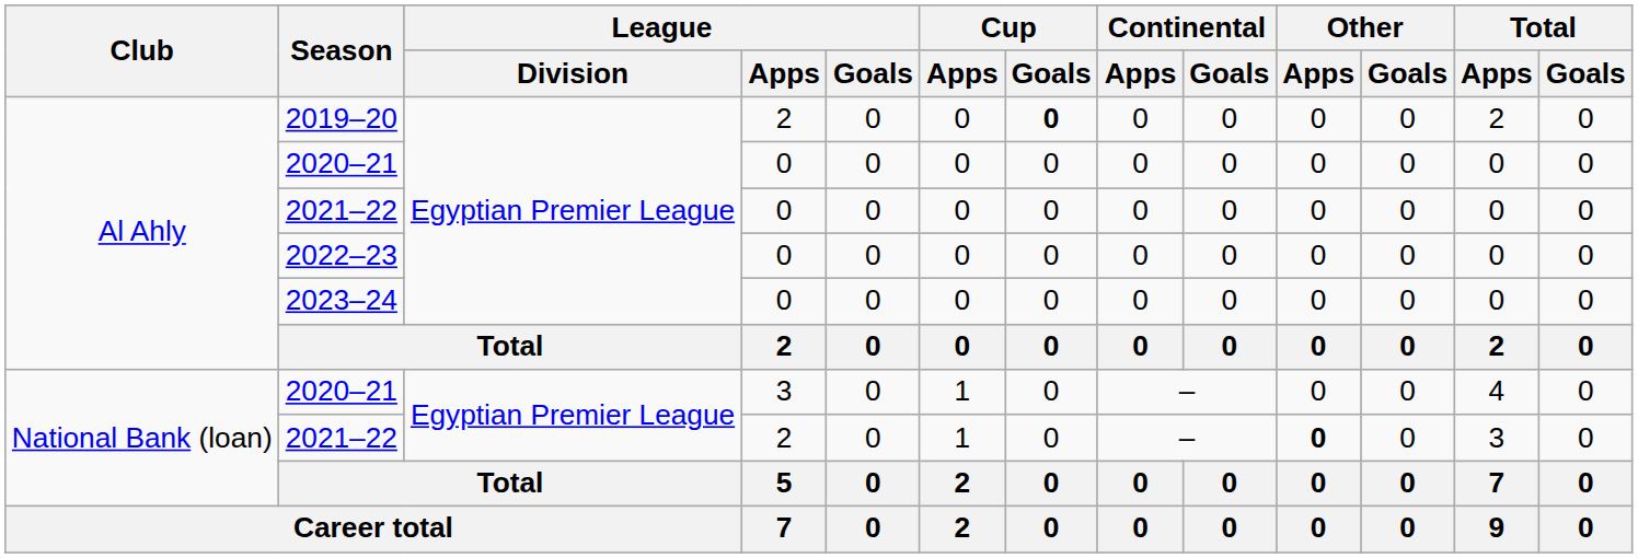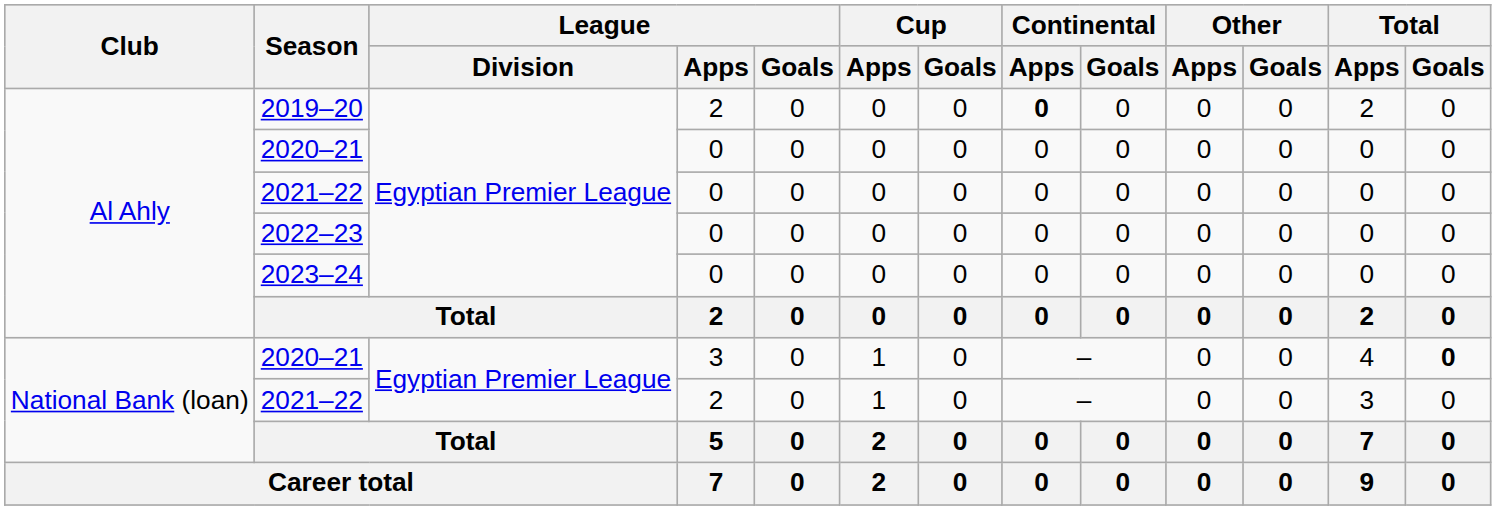 <table class=wikitable style=text-align:center>
 <tr>
 <th rowspan="2">Club</th>
 <th rowspan="2">Season</th>
 <th colspan="3">League</th>
 <th colspan="2">Cup</th>
 <th colspan="2">Continental</th>
 <th colspan="2">Other</th>
 <th colspan="2">Total</th>
 </tr>
 <tr>
 <th>Division</th>
 <th>Apps</th>
 <th>Goals</th>
 <th>Apps</th>
 <th>Goals</th>
 <th>Apps</th>
 <th>Goals</th>
 <th>Apps</th>
 <th>Goals</th>
 <th>Apps</th>
 <th>Goals</th>
 </tr>
 <tr>
 <td rowspan="6"><a href='#'>Al Ahly</a></td>
 <td><a href='#'>2019–20</a></td>
 <td rowspan="5"><a href='#'>Egyptian Premier League</a></td>
 <td>2</td>
 <td>0</td>
 <td>0</td>
+<td>0</td>
 <td><strong>0</strong></td>
-<td>0</td>
 <td>0</td>
 <td>0</td>
 <td>0</td>
 <td>2</td>
 <td>0</td>
 </tr>
 <tr>
 <td><a href='#'>2020–21</a></td>
 <td>0</td>
 <td>0</td>
 <td>0</td>
 <td>0</td>
 <td>0</td>
 <td>0</td>
 <td>0</td>
 <td>0</td>
 <td>0</td>
 <td>0</td>
 </tr>
 <tr>
 <td><a href='#'>2021–22</a></td>
 <td>0</td>
 <td>0</td>
 <td>0</td>
 <td>0</td>
 <td>0</td>
 <td>0</td>
 <td>0</td>
 <td>0</td>
 <td>0</td>
 <td>0</td>
 </tr>
 <tr>
 <td><a href='#'>2022–23</a></td>
 <td>0</td>
 <td>0</td>
 <td>0</td>
 <td>0</td>
 <td>0</td>
 <td>0</td>
 <td>0</td>
 <td>0</td>
 <td>0</td>
 <td>0</td>
 </tr>
 <tr>
 <td><a href='#'>2023–24</a></td>
 <td>0</td>
 <td>0</td>
 <td>0</td>
 <td>0</td>
 <td>0</td>
 <td>0</td>
 <td>0</td>
 <td>0</td>
 <td>0</td>
 <td>0</td>
 </tr>
 <tr>
 <th colspan="2"><strong>Total</strong></th>
 <th>2</th>
 <th>0</th>
 <th>0</th>
 <th>0</th>
 <th>0</th>
 <th>0</th>
 <th>0</th>
 <th>0</th>
 <th>2</th>
 <th>0</th>
 </tr>
 <tr>
 <td rowspan="3"><a href='#'>National Bank</a> (loan)</td>
 <td><a href='#'>2020–21</a></td>
 <td rowspan="2"><a href='#'>Egyptian Premier League</a></td>
 <td>3</td>
 <td>0</td>
 <td>1</td>
 <td>0</td>
 <td colspan="2">–</td>
 <td>0</td>
 <td>0</td>
 <td>4</td>
-<td>0</td>
+<td><strong>0</strong></td>
 </tr>
 <tr>
 <td><a href='#'>2021–22</a></td>
 <td>2</td>
 <td>0</td>
 <td>1</td>
 <td>0</td>
 <td colspan="2">–</td>
-<td><strong>0</strong></td>
+<td>0</td>
 <td>0</td>
 <td>3</td>
 <td>0</td>
 </tr>
 <tr>
 <th colspan="2"><strong>Total</strong></th>
 <th>5</th>
 <th>0</th>
 <th>2</th>
 <th>0</th>
 <th>0</th>
 <th>0</th>
 <th>0</th>
 <th>0</th>
 <th>7</th>
 <th>0</th>
 </tr>
 <tr>
 <th colspan="3"><strong>Career total</strong></th>
 <th>7</th>
 <th>0</th>
 <th>2</th>
 <th>0</th>
 <th>0</th>
 <th>0</th>
 <th>0</th>
 <th>0</th>
 <th>9</th>
 <th>0</th>
 </tr>
 </table>
